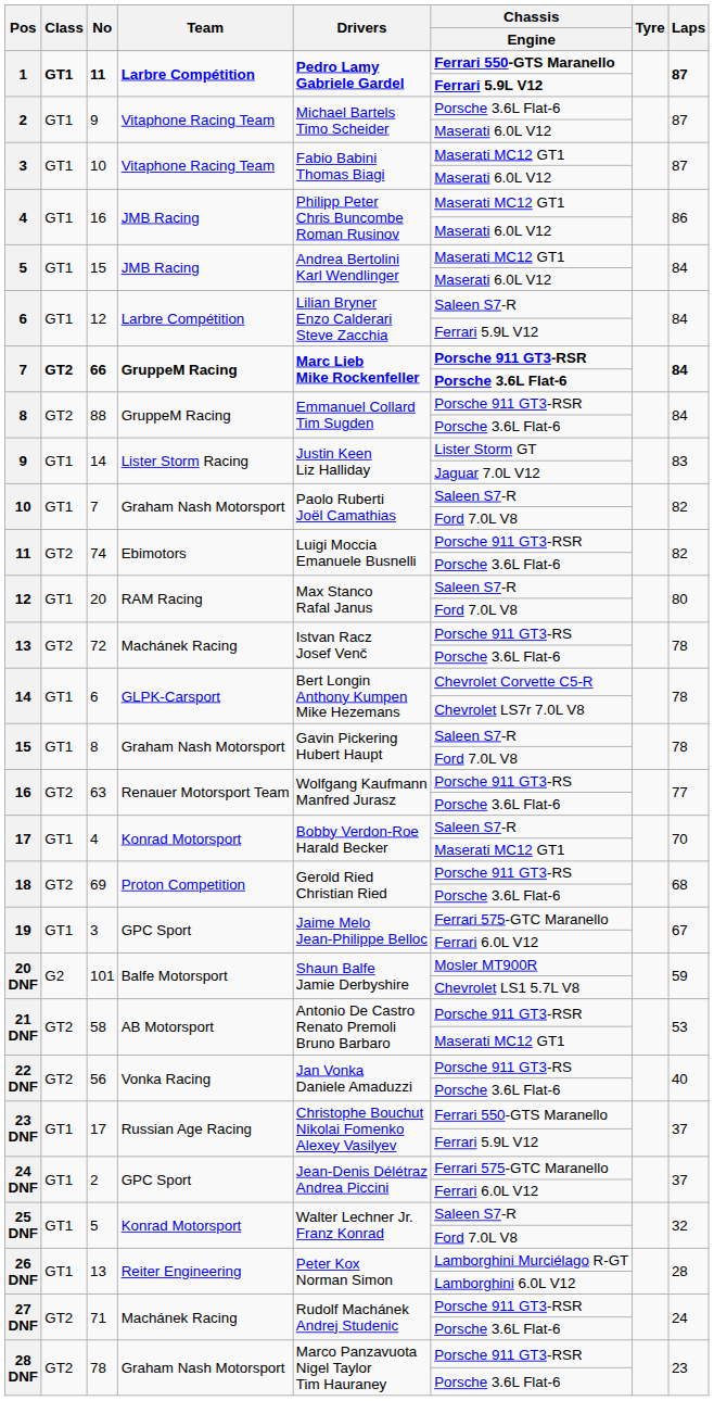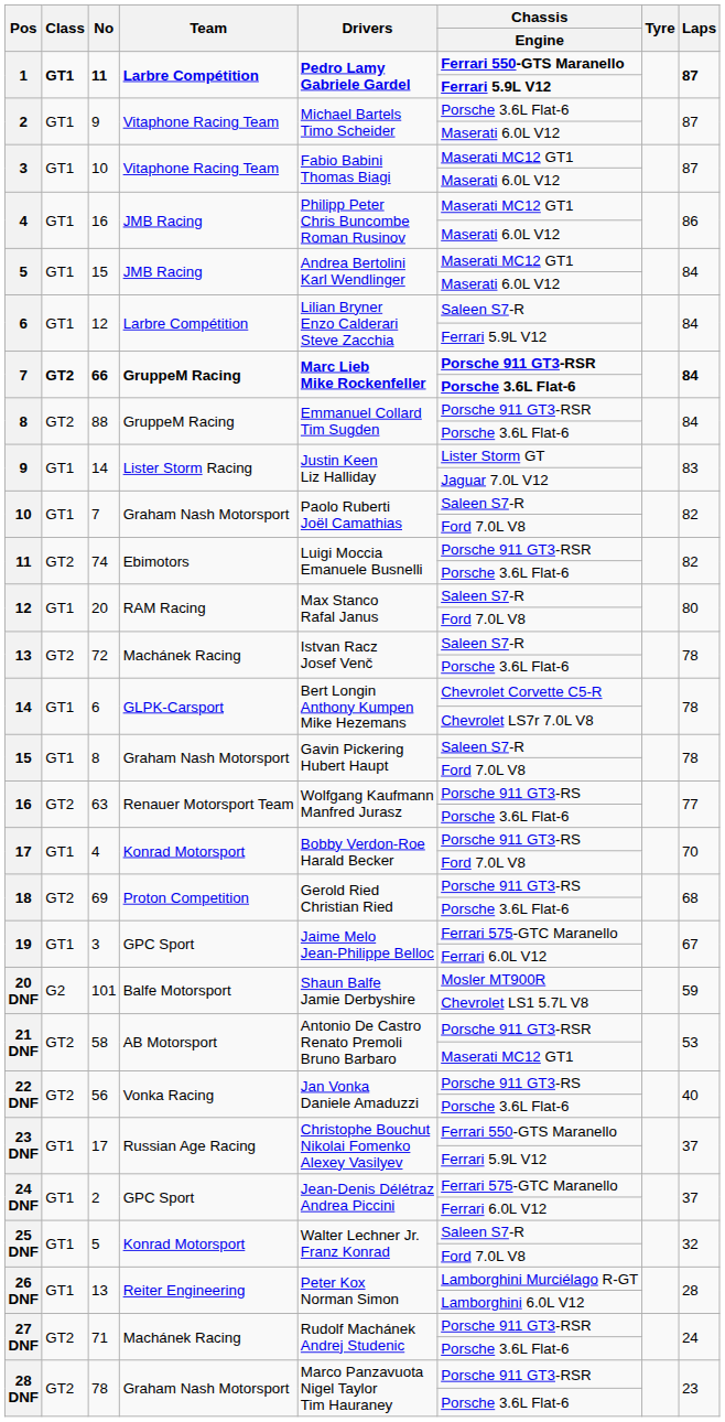 <table class="wikitable" style="font-size: 95%;">
 <tr>
 <th rowspan=2>Pos</th>
 <th rowspan=2>Class</th>
 <th rowspan=2>No</th>
 <th rowspan=2>Team</th>
 <th rowspan=2>Drivers</th>
 <th>Chassis</th>
 <th rowspan=2>Tyre</th>
 <th rowspan=2>Laps</th>
 </tr>
 <tr>
 <th>Engine</th>
 </tr>
 <tr style="font-weight:bold">
 <th rowspan=2>1</th>
 <td rowspan=2>GT1</td>
 <td rowspan=2>11</td>
 <td rowspan=2> <a href='#'>Larbre Compétition</a></td>
 <td rowspan=2> <a href='#'>Pedro Lamy</a><br> <a href='#'>Gabriele Gardel</a></td>
 <td><a href='#'>Ferrari 550</a>-GTS Maranello</td>
 <td rowspan=2></td>
 <td rowspan=2>87</td>
 </tr>
 <tr style="font-weight:bold">
 <td><a href='#'>Ferrari</a> 5.9L V12</td>
 </tr>
 <tr>
 <th rowspan=2>2</th>
 <td rowspan=2>GT1</td>
 <td rowspan=2>9</td>
 <td rowspan=2> <a href='#'>Vitaphone Racing Team</a></td>
 <td rowspan=2> <a href='#'>Michael Bartels</a><br> <a href='#'>Timo Scheider</a></td>
 <td><a href='#'>Porsche</a> 3.6L Flat-6</td>
 <td rowspan=2></td>
 <td rowspan=2>87</td>
 </tr>
 <tr>
 <td><a href='#'>Maserati</a> 6.0L V12</td>
 </tr>
 <tr>
 <th rowspan=2>3</th>
 <td rowspan=2>GT1</td>
 <td rowspan=2>10</td>
 <td rowspan=2> <a href='#'>Vitaphone Racing Team</a></td>
 <td rowspan=2> <a href='#'>Fabio Babini</a><br> <a href='#'>Thomas Biagi</a></td>
 <td><a href='#'>Maserati MC12</a> GT1</td>
 <td rowspan=2></td>
 <td rowspan=2>87</td>
 </tr>
 <tr>
 <td><a href='#'>Maserati</a> 6.0L V12</td>
 </tr>
 <tr>
 <th rowspan=2>4</th>
 <td rowspan=2>GT1</td>
 <td rowspan=2>16</td>
 <td rowspan=2> <a href='#'>JMB Racing</a></td>
 <td rowspan=2> <a href='#'>Philipp Peter</a><br> <a href='#'>Chris Buncombe</a><br> <a href='#'>Roman Rusinov</a></td>
 <td><a href='#'>Maserati MC12</a> GT1</td>
 <td rowspan=2></td>
 <td rowspan=2>86</td>
 </tr>
 <tr>
 <td><a href='#'>Maserati</a> 6.0L V12</td>
 </tr>
 <tr>
 <th rowspan=2>5</th>
 <td rowspan=2>GT1</td>
 <td rowspan=2>15</td>
 <td rowspan=2> <a href='#'>JMB Racing</a></td>
 <td rowspan=2> <a href='#'>Andrea Bertolini</a><br> <a href='#'>Karl Wendlinger</a></td>
 <td><a href='#'>Maserati MC12</a> GT1</td>
 <td rowspan=2></td>
 <td rowspan=2>84</td>
 </tr>
 <tr>
 <td><a href='#'>Maserati</a> 6.0L V12</td>
 </tr>
 <tr>
 <th rowspan=2>6</th>
 <td rowspan=2>GT1</td>
 <td rowspan=2>12</td>
 <td rowspan=2> <a href='#'>Larbre Compétition</a></td>
 <td rowspan=2> <a href='#'>Lilian Bryner</a><br> <a href='#'>Enzo Calderari</a><br> <a href='#'>Steve Zacchia</a></td>
 <td><a href='#'>Saleen S7</a>-R</td>
 <td rowspan=2></td>
 <td rowspan=2>84</td>
 </tr>
 <tr>
 <td><a href='#'>Ferrari</a> 5.9L V12</td>
 </tr>
 <tr style="font-weight:bold">
 <th rowspan=2>7</th>
 <td rowspan=2>GT2</td>
 <td rowspan=2>66</td>
 <td rowspan=2> GruppeM Racing</td>
 <td rowspan=2> <a href='#'>Marc Lieb</a><br> <a href='#'>Mike Rockenfeller</a></td>
 <td><a href='#'>Porsche 911 GT3</a>-RSR</td>
 <td rowspan=2></td>
 <td rowspan=2>84</td>
 </tr>
 <tr style="font-weight:bold">
 <td><a href='#'>Porsche</a> 3.6L Flat-6</td>
 </tr>
 <tr>
 <th rowspan=2>8</th>
 <td rowspan=2>GT2</td>
 <td rowspan=2>88</td>
 <td rowspan=2> GruppeM Racing</td>
 <td rowspan=2> <a href='#'>Emmanuel Collard</a><br> <a href='#'>Tim Sugden</a></td>
 <td><a href='#'>Porsche 911 GT3</a>-RSR</td>
 <td rowspan=2></td>
 <td rowspan=2>84</td>
 </tr>
 <tr>
 <td><a href='#'>Porsche</a> 3.6L Flat-6</td>
 </tr>
 <tr>
 <th rowspan=2>9</th>
 <td rowspan=2>GT1</td>
 <td rowspan=2>14</td>
 <td rowspan=2> <a href='#'>Lister Storm</a> Racing</td>
 <td rowspan=2> <a href='#'>Justin Keen</a><br> Liz Halliday</td>
 <td><a href='#'>Lister Storm</a> GT</td>
 <td rowspan=2></td>
 <td rowspan=2>83</td>
 </tr>
 <tr>
 <td><a href='#'>Jaguar</a> 7.0L V12</td>
 </tr>
 <tr>
 <th rowspan=2>10</th>
 <td rowspan=2>GT1</td>
 <td rowspan=2>7</td>
 <td rowspan=2> Graham Nash Motorsport</td>
 <td rowspan=2> Paolo Ruberti<br> <a href='#'>Joël Camathias</a></td>
 <td><a href='#'>Saleen S7</a>-R</td>
 <td rowspan=2></td>
 <td rowspan=2>82</td>
 </tr>
 <tr>
 <td><a href='#'>Ford</a> 7.0L V8</td>
 </tr>
 <tr>
 <th rowspan=2>11</th>
 <td rowspan=2>GT2</td>
 <td rowspan=2>74</td>
 <td rowspan=2> Ebimotors</td>
 <td rowspan=2> Luigi Moccia<br> Emanuele Busnelli</td>
 <td><a href='#'>Porsche 911 GT3</a>-RSR</td>
 <td rowspan=2></td>
 <td rowspan=2>82</td>
 </tr>
 <tr>
 <td><a href='#'>Porsche</a> 3.6L Flat-6</td>
 </tr>
 <tr>
 <th rowspan=2>12</th>
 <td rowspan=2>GT1</td>
 <td rowspan=2>20</td>
 <td rowspan=2> RAM Racing</td>
 <td rowspan=2> Max Stanco<br> Rafal Janus</td>
 <td><a href='#'>Saleen S7</a>-R</td>
 <td rowspan=2></td>
 <td rowspan=2>80</td>
 </tr>
 <tr>
 <td><a href='#'>Ford</a> 7.0L V8</td>
 </tr>
 <tr>
 <th rowspan=2>13</th>
 <td rowspan=2>GT2</td>
 <td rowspan=2>72</td>
 <td rowspan=2> Machánek Racing</td>
 <td rowspan=2> Istvan Racz<br> Josef Venč</td>
-<td><a href='#'>Porsche 911 GT3</a>-RS</td>
+<td><a href='#'>Saleen S7</a>-R</td>
 <td rowspan=2></td>
 <td rowspan=2>78</td>
 </tr>
 <tr>
 <td><a href='#'>Porsche</a> 3.6L Flat-6</td>
 </tr>
 <tr>
 <th rowspan=2>14</th>
 <td rowspan=2>GT1</td>
 <td rowspan=2>6</td>
 <td rowspan=2> <a href='#'>GLPK-Carsport</a></td>
 <td rowspan=2> Bert Longin<br> <a href='#'>Anthony Kumpen</a><br> Mike Hezemans</td>
 <td><a href='#'>Chevrolet Corvette C5-R</a></td>
 <td rowspan=2></td>
 <td rowspan=2>78</td>
 </tr>
 <tr>
 <td><a href='#'>Chevrolet</a> LS7r 7.0L V8</td>
 </tr>
 <tr>
 <th rowspan=2>15</th>
 <td rowspan=2>GT1</td>
 <td rowspan=2>8</td>
 <td rowspan=2> Graham Nash Motorsport</td>
 <td rowspan=2> Gavin Pickering<br> Hubert Haupt</td>
 <td><a href='#'>Saleen S7</a>-R</td>
 <td rowspan=2></td>
 <td rowspan=2>78</td>
 </tr>
 <tr>
 <td><a href='#'>Ford</a> 7.0L V8</td>
 </tr>
 <tr>
 <th rowspan=2>16</th>
 <td rowspan=2>GT2</td>
 <td rowspan=2>63</td>
 <td rowspan=2> Renauer Motorsport Team</td>
 <td rowspan=2> Wolfgang Kaufmann<br> Manfred Jurasz</td>
 <td><a href='#'>Porsche 911 GT3</a>-RS</td>
 <td rowspan=2></td>
 <td rowspan=2>77</td>
 </tr>
 <tr>
 <td><a href='#'>Porsche</a> 3.6L Flat-6</td>
 </tr>
 <tr>
 <th rowspan=2>17</th>
 <td rowspan=2>GT1</td>
 <td rowspan=2>4</td>
 <td rowspan=2> <a href='#'>Konrad Motorsport</a></td>
 <td rowspan=2> <a href='#'>Bobby Verdon-Roe</a><br> Harald Becker</td>
-<td><a href='#'>Saleen S7</a>-R</td>
+<td><a href='#'>Porsche 911 GT3</a>-RS</td>
 <td rowspan=2></td>
 <td rowspan=2>70</td>
 </tr>
 <tr>
-<td><a href='#'>Maserati MC12</a> GT1</td>
+<td><a href='#'>Ford</a> 7.0L V8</td>
 </tr>
 <tr>
 <th rowspan=2>18</th>
 <td rowspan=2>GT2</td>
 <td rowspan=2>69</td>
 <td rowspan=2> <a href='#'>Proton Competition</a></td>
 <td rowspan=2> Gerold Ried<br> Christian Ried</td>
 <td><a href='#'>Porsche 911 GT3</a>-RS</td>
 <td rowspan=2></td>
 <td rowspan=2>68</td>
 </tr>
 <tr>
 <td><a href='#'>Porsche</a> 3.6L Flat-6</td>
 </tr>
 <tr>
 <th rowspan=2>19</th>
 <td rowspan=2>GT1</td>
 <td rowspan=2>3</td>
 <td rowspan=2> GPC Sport</td>
 <td rowspan=2> <a href='#'>Jaime Melo</a><br> <a href='#'>Jean-Philippe Belloc</a></td>
 <td><a href='#'>Ferrari 575</a>-GTC Maranello</td>
 <td rowspan=2></td>
 <td rowspan=2>67</td>
 </tr>
 <tr>
 <td><a href='#'>Ferrari</a> 6.0L V12</td>
 </tr>
 <tr>
 <th rowspan=2>20<br>DNF</th>
 <td rowspan=2>G2</td>
 <td rowspan=2>101</td>
 <td rowspan=2> Balfe Motorsport</td>
 <td rowspan=2> <a href='#'>Shaun Balfe</a><br> Jamie Derbyshire</td>
 <td><a href='#'>Mosler MT900R</a></td>
 <td rowspan=2></td>
 <td rowspan=2>59</td>
 </tr>
 <tr>
 <td><a href='#'>Chevrolet</a> LS1 5.7L V8</td>
 </tr>
 <tr>
 <th rowspan=2>21<br>DNF</th>
 <td rowspan=2>GT2</td>
 <td rowspan=2>58</td>
 <td rowspan=2> AB Motorsport</td>
 <td rowspan=2> Antonio De Castro<br> Renato Premoli<br> Bruno Barbaro</td>
 <td><a href='#'>Porsche 911 GT3</a>-RSR</td>
 <td rowspan=2></td>
 <td rowspan=2>53</td>
 </tr>
 <tr>
 <td><a href='#'>Maserati MC12</a> GT1</td>
 </tr>
 <tr>
 <th rowspan=2>22<br>DNF</th>
 <td rowspan=2>GT2</td>
 <td rowspan=2>56</td>
 <td rowspan=2> Vonka Racing</td>
 <td rowspan=2> <a href='#'>Jan Vonka</a><br> Daniele Amaduzzi</td>
 <td><a href='#'>Porsche 911 GT3</a>-RS</td>
 <td rowspan=2></td>
 <td rowspan=2>40</td>
 </tr>
 <tr>
 <td><a href='#'>Porsche</a> 3.6L Flat-6</td>
 </tr>
 <tr>
 <th rowspan=2>23<br>DNF</th>
 <td rowspan=2>GT1</td>
 <td rowspan=2>17</td>
 <td rowspan=2> Russian Age Racing</td>
 <td rowspan=2> <a href='#'>Christophe Bouchut</a><br> <a href='#'>Nikolai Fomenko</a><br> <a href='#'>Alexey Vasilyev</a></td>
 <td><a href='#'>Ferrari 550</a>-GTS Maranello</td>
 <td rowspan=2></td>
 <td rowspan=2>37</td>
 </tr>
 <tr>
 <td><a href='#'>Ferrari</a> 5.9L V12</td>
 </tr>
 <tr>
 <th rowspan=2>24<br>DNF</th>
 <td rowspan=2>GT1</td>
 <td rowspan=2>2</td>
 <td rowspan=2> GPC Sport</td>
 <td rowspan=2> <a href='#'>Jean-Denis Délétraz</a><br> <a href='#'>Andrea Piccini</a></td>
 <td><a href='#'>Ferrari 575</a>-GTC Maranello</td>
 <td rowspan=2></td>
 <td rowspan=2>37</td>
 </tr>
 <tr>
 <td><a href='#'>Ferrari</a> 6.0L V12</td>
 </tr>
 <tr>
 <th rowspan=2>25<br>DNF</th>
 <td rowspan=2>GT1</td>
 <td rowspan=2>5</td>
 <td rowspan=2> <a href='#'>Konrad Motorsport</a></td>
 <td rowspan=2> Walter Lechner Jr.<br> <a href='#'>Franz Konrad</a></td>
 <td><a href='#'>Saleen S7</a>-R</td>
 <td rowspan=2></td>
 <td rowspan=2>32</td>
 </tr>
 <tr>
 <td><a href='#'>Ford</a> 7.0L V8</td>
 </tr>
 <tr>
 <th rowspan=2>26<br>DNF</th>
 <td rowspan=2>GT1</td>
 <td rowspan=2>13</td>
 <td rowspan=2> <a href='#'>Reiter Engineering</a></td>
 <td rowspan=2> <a href='#'>Peter Kox</a><br> Norman Simon</td>
 <td><a href='#'>Lamborghini Murciélago</a> R-GT</td>
 <td rowspan=2></td>
 <td rowspan=2>28</td>
 </tr>
 <tr>
 <td><a href='#'>Lamborghini</a> 6.0L V12</td>
 </tr>
 <tr>
 <th rowspan=2>27<br>DNF</th>
 <td rowspan=2>GT2</td>
 <td rowspan=2>71</td>
 <td rowspan=2> Machánek Racing</td>
 <td rowspan=2> Rudolf Machánek<br> <a href='#'>Andrej Studenic</a></td>
 <td><a href='#'>Porsche 911 GT3</a>-RSR</td>
 <td rowspan=2></td>
 <td rowspan=2>24</td>
 </tr>
 <tr>
 <td><a href='#'>Porsche</a> 3.6L Flat-6</td>
 </tr>
 <tr>
 <th rowspan=2>28<br>DNF</th>
 <td rowspan=2>GT2</td>
 <td rowspan=2>78</td>
 <td rowspan=2> Graham Nash Motorsport</td>
 <td rowspan=2> Marco Panzavuota<br> Nigel Taylor<br> Tim Hauraney</td>
 <td><a href='#'>Porsche 911 GT3</a>-RSR</td>
 <td rowspan=2></td>
 <td rowspan=2>23</td>
 </tr>
 <tr>
 <td><a href='#'>Porsche</a> 3.6L Flat-6</td>
 </tr>
 </table>
